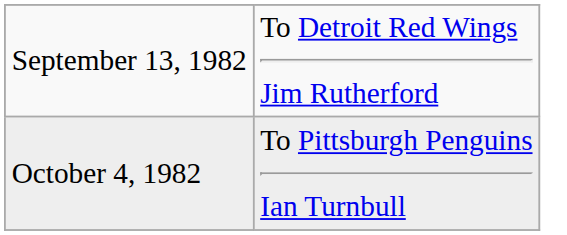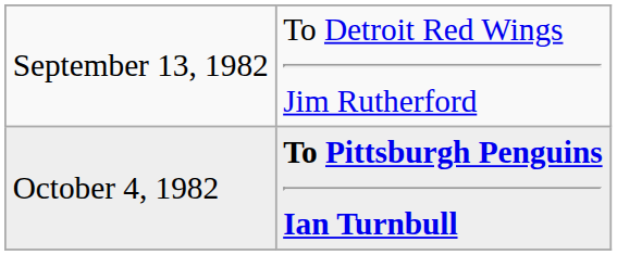 <table class="wikitable">
 <tr>
 <td>September 13, 1982</td>
 <td valign="top">To <a href='#'>Detroit Red Wings</a><hr><a href='#'>Jim Rutherford</a></td>
 </tr>
 <tr style="background:#eee;">
 <td>October 4, 1982</td>
-<td valign="top">To <a href='#'>Pittsburgh Penguins</a><hr><a href='#'>Ian Turnbull</a></td>
+<td valign="top"><strong>To <a href='#'>Pittsburgh Penguins</a><hr><a href='#'>Ian Turnbull</a></strong></td>
 </tr>
 </table>
